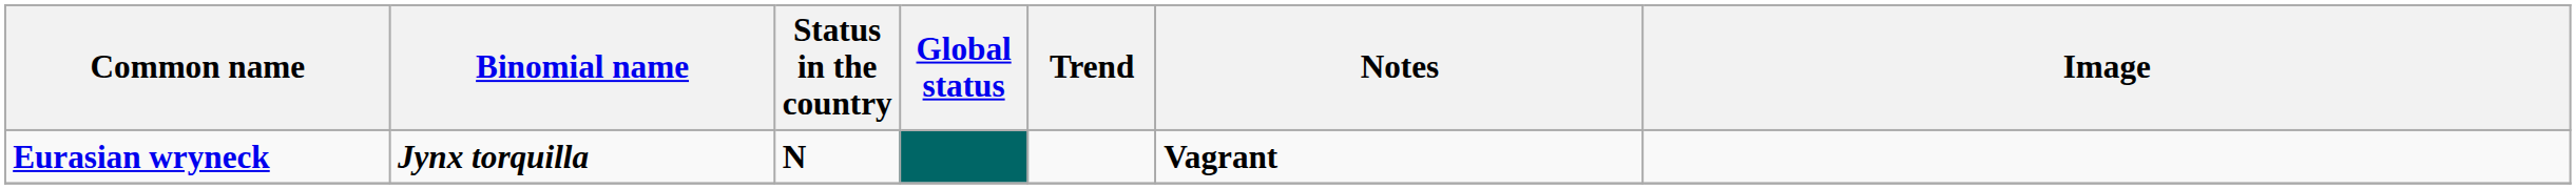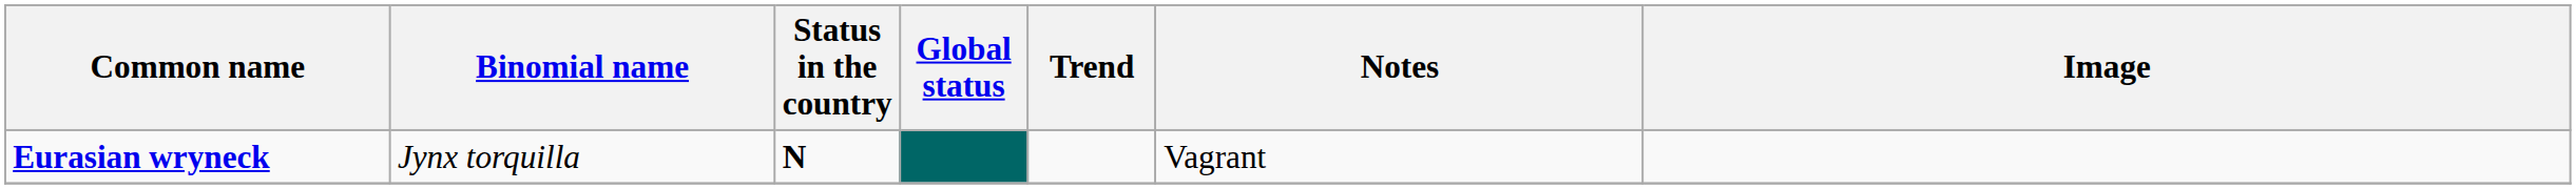 <table class="wikitable sortable">
 <tr>
 <th width="15%">Common name</th>
 <th width="15%"><a href='#'>Binomial name</a></th>
 <th data-sort-type="number" width="1%">Status in the country</th>
 <th width="5%"><a href='#'>Global status</a></th>
 <th width="5%">Trend</th>
 <th width="19%">Notes</th>
 <th class="unsortable">Image</th>
 </tr>
 <tr>
 <td><strong><a href='#'>Eurasian wryneck</a></strong></td>
-<td><strong><em>Jynx torquilla</em></strong></td>
+<td><em>Jynx torquilla</em></td>
 <td><strong>N</strong></td>
 <td align=center style="background: #006666"></td>
 <td align=center></td>
-<td><strong>Vagrant</strong></td>
+<td>Vagrant</td>
 <td></td>
 </tr>
 <tr>
 </tr>
 </table>
